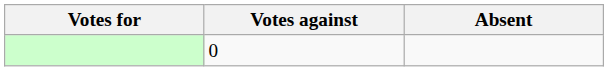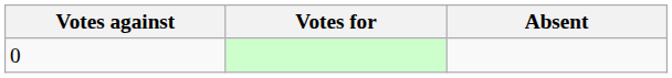 <table class="wikitable" style="width:500px">
 <tr>
+<th style="width:25%;">Votes against</th>
 <th style="width:25%;">Votes for</th>
-<th style="width:25%;">Votes against</th>
 <th style="width:25%;">Absent</th>
 </tr>
 <tr>
+<td>0</td>
 <td style="background-color:#CCFFCC;"></td>
-<td>0</td>
 <td></td>
 </tr>
 </table>
